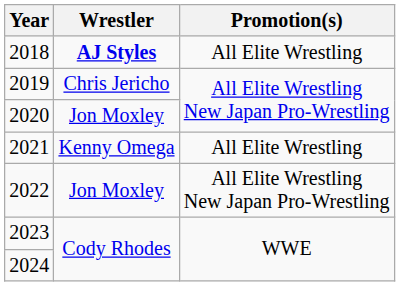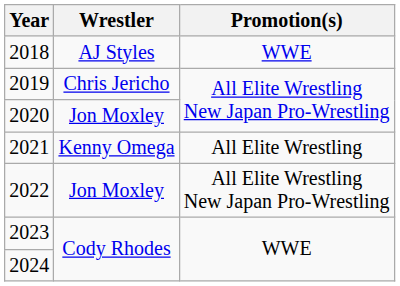 <table class="wikitable sortable" style="text-align: center">
 <tr>
 <th>Year</th>
 <th>Wrestler</th>
 <th>Promotion(s)</th>
 </tr>
 <tr>
 <td>2018</td>
-<td><strong><a href='#'>AJ Styles</a></strong></td>
-<td>All Elite Wrestling</td>
+<td><a href='#'>AJ Styles</a></td>
+<td><a href='#'>WWE</a></td>
 </tr>
 <tr>
 <td>2019</td>
 <td><a href='#'>Chris Jericho</a></td>
 <td rowspan=2><a href='#'>All Elite Wrestling</a><br><a href='#'>New Japan Pro-Wrestling</a></td>
 </tr>
 <tr>
 <td>2020</td>
 <td><a href='#'>Jon Moxley</a></td>
 </tr>
 <tr>
 <td>2021</td>
 <td><a href='#'>Kenny Omega</a></td>
 <td>All Elite Wrestling</td>
 </tr>
 <tr>
 <td>2022</td>
 <td><a href='#'>Jon Moxley</a></td>
 <td>All Elite Wrestling <br>New Japan Pro-Wrestling</td>
 </tr>
 <tr>
 <td>2023</td>
 <td rowspan="2"><a href='#'>Cody Rhodes</a></td>
 <td rowspan="2">WWE</td>
 </tr>
 <tr>
 <td>2024</td>
 </tr>
 </table>
